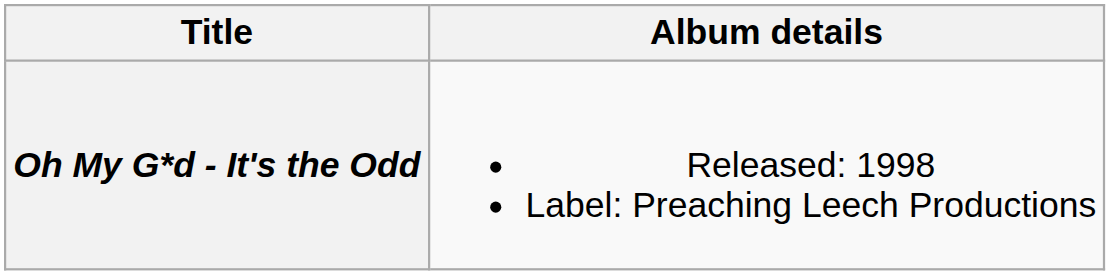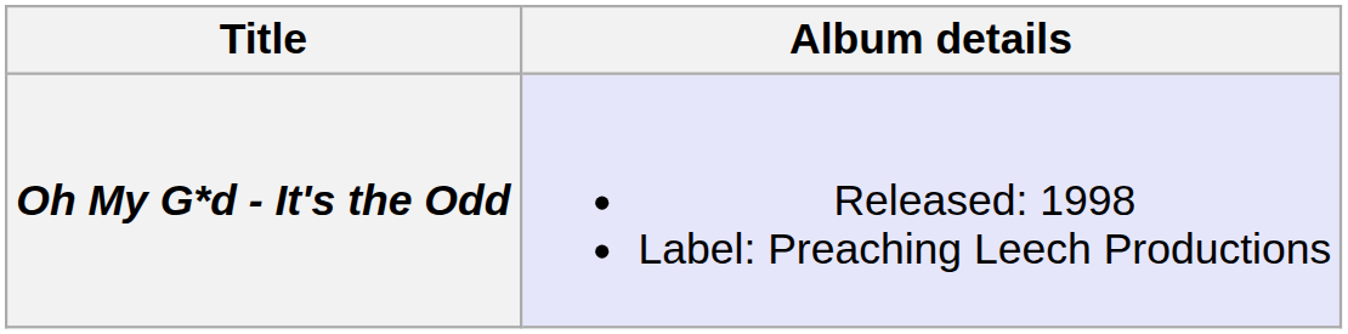 <table class="wikitable plainrowheaders" style="text-align:center;">
 <tr>
 <th scope="col">Title</th>
 <th scope="col">Album details</th>
 </tr>
 <tr>
 <th scope="row"><em>Oh My G*d - It's the Odd</em></th>
-<td><br><ul><li>Released: 1998</li><li>Label: Preaching Leech Productions</li></ul></td>
+<td style="background: lavender;"><br><ul><li>Released: 1998</li><li>Label: Preaching Leech Productions</li></ul></td>
 </tr>
 </table>
